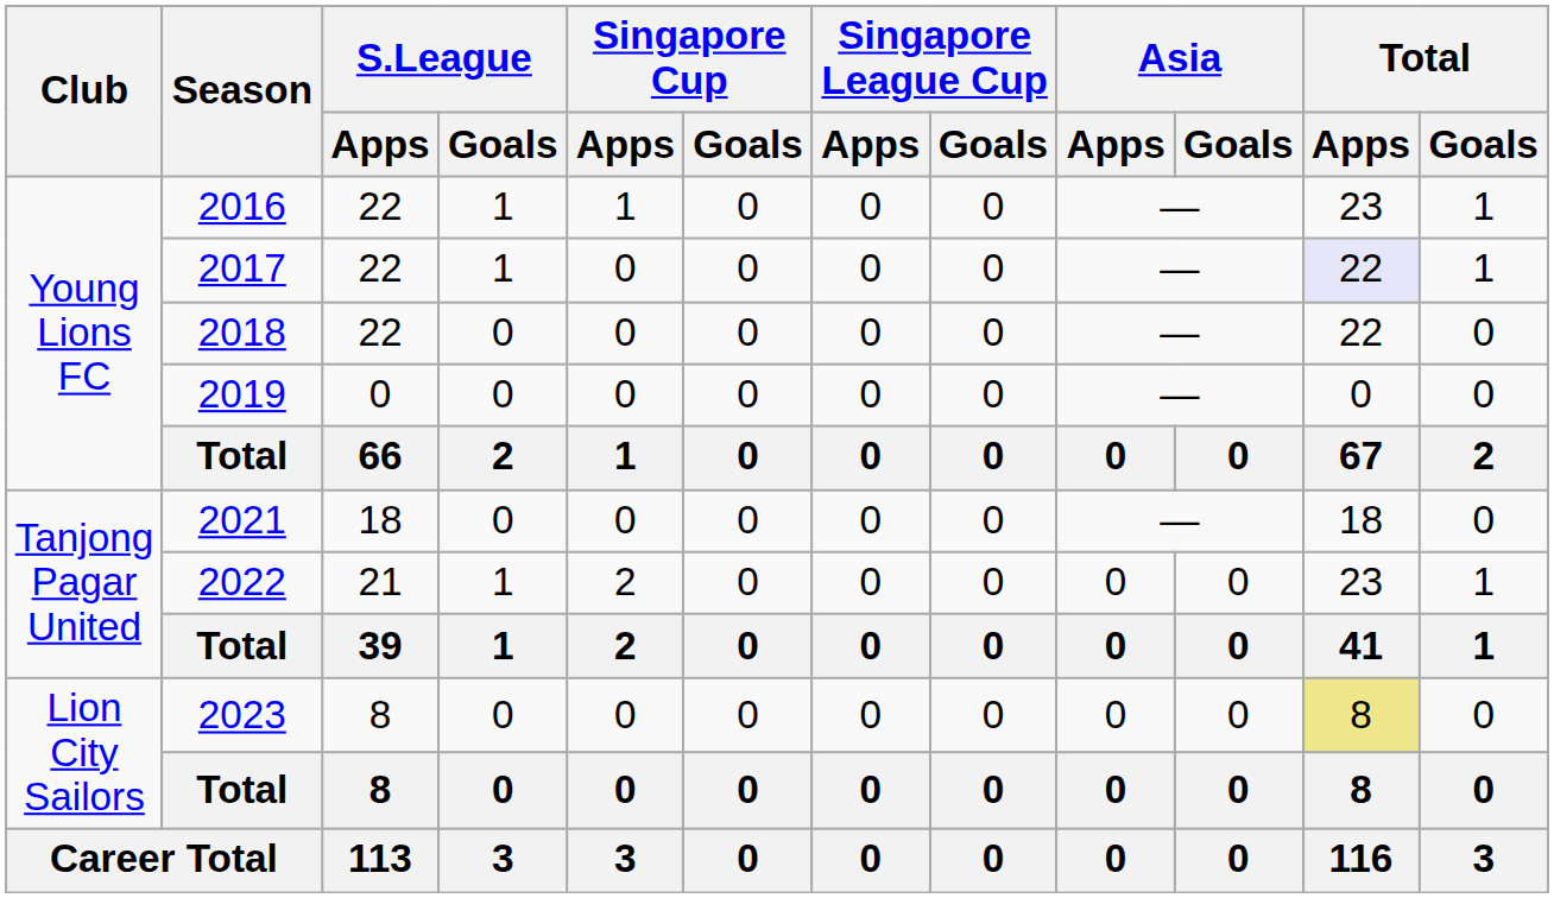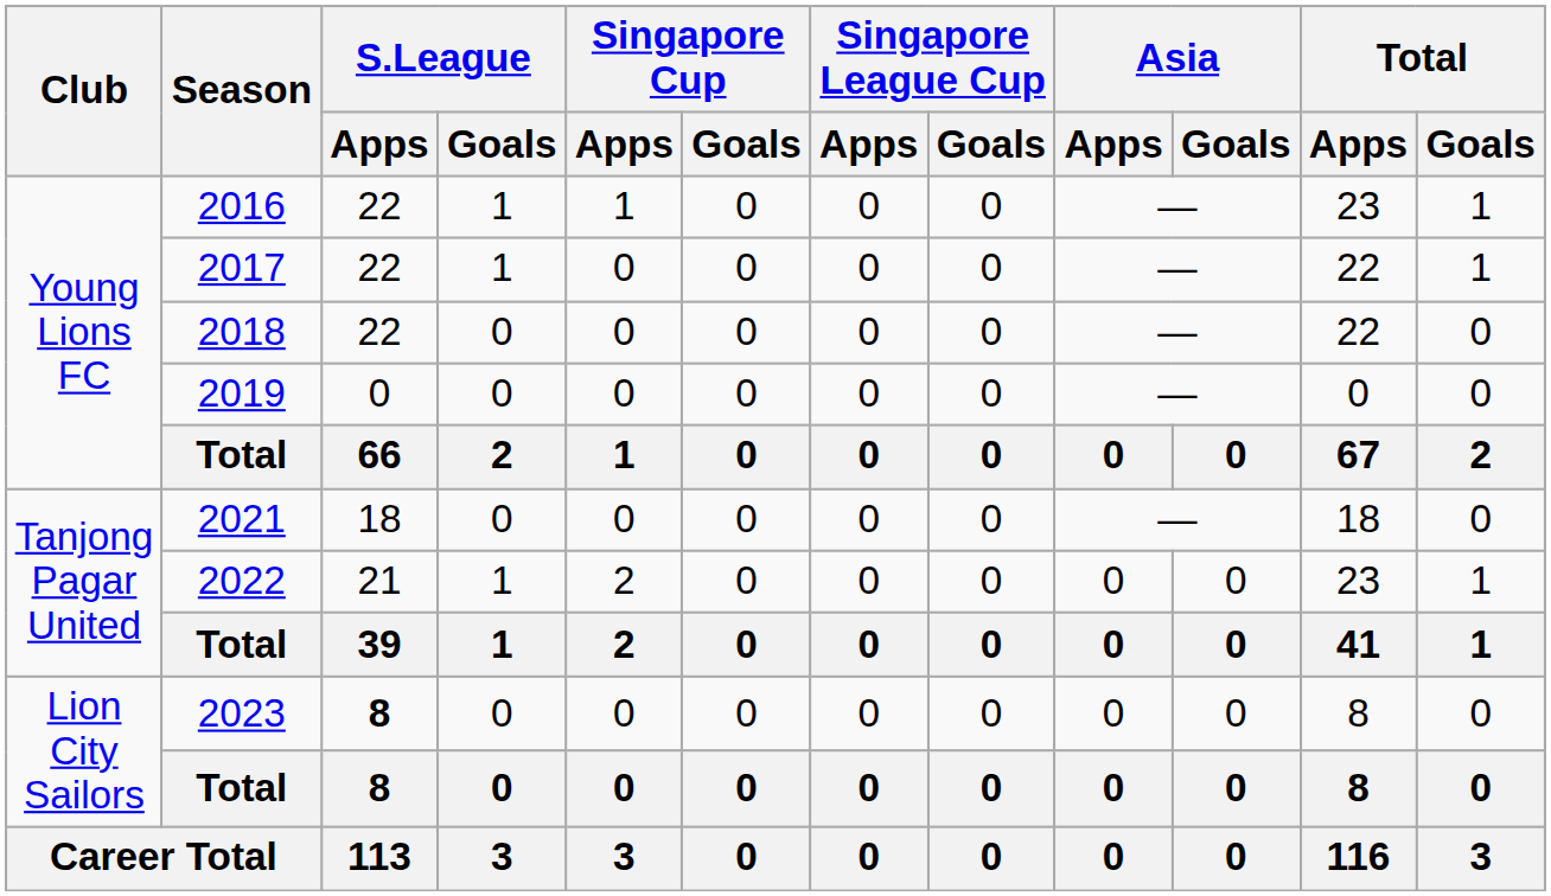 <table class="wikitable" style="text-align:center">
 <tr>
 <th rowspan="2">Club</th>
 <th rowspan="2">Season</th>
 <th colspan="2"><a href='#'>S.League</a></th>
 <th colspan="2"><a href='#'>Singapore Cup</a></th>
 <th colspan="2"><a href='#'>Singapore <br> League Cup</a></th>
 <th colspan="2"><a href='#'>Asia</a></th>
 <th colspan="2">Total</th>
 </tr>
 <tr>
 <th>Apps</th>
 <th>Goals</th>
 <th>Apps</th>
 <th>Goals</th>
 <th>Apps</th>
 <th>Goals</th>
 <th>Apps</th>
 <th>Goals</th>
 <th>Apps</th>
 <th>Goals</th>
 </tr>
 <tr>
 <td rowspan="5"><a href='#'>Young Lions FC</a></td>
 <td><a href='#'>2016</a></td>
 <td>22</td>
 <td>1</td>
 <td>1</td>
 <td>0</td>
 <td>0</td>
 <td>0</td>
 <td colspan='2'>—</td>
 <td>23</td>
 <td>1</td>
 </tr>
 <tr>
 <td><a href='#'>2017</a></td>
 <td>22</td>
 <td>1</td>
 <td>0</td>
 <td>0</td>
 <td>0</td>
 <td>0</td>
 <td colspan='2'>—</td>
-<td style="background: lavender;">22</td>
+<td>22</td>
 <td>1</td>
 </tr>
 <tr>
 <td><a href='#'>2018</a></td>
 <td>22</td>
 <td>0</td>
 <td>0</td>
 <td>0</td>
 <td>0</td>
 <td>0</td>
 <td colspan='2'>—</td>
 <td>22</td>
 <td>0</td>
 </tr>
 <tr>
 <td><a href='#'>2019</a></td>
 <td>0</td>
 <td>0</td>
 <td>0</td>
 <td>0</td>
 <td>0</td>
 <td>0</td>
 <td colspan='2'>—</td>
 <td>0</td>
 <td>0</td>
 </tr>
 <tr>
 <th>Total</th>
 <th>66</th>
 <th>2</th>
 <th>1</th>
 <th>0</th>
 <th>0</th>
 <th>0</th>
 <th>0</th>
 <th>0</th>
 <th>67</th>
 <th>2</th>
 </tr>
 <tr>
 <td rowspan="3"><a href='#'>Tanjong Pagar United</a></td>
 <td><a href='#'>2021</a></td>
 <td>18</td>
 <td>0</td>
 <td>0</td>
 <td>0</td>
 <td>0</td>
 <td>0</td>
 <td colspan='2'>—</td>
 <td>18</td>
 <td>0</td>
 </tr>
 <tr>
 <td><a href='#'>2022</a></td>
 <td>21</td>
 <td>1</td>
 <td>2</td>
 <td>0</td>
 <td>0</td>
 <td>0</td>
 <td>0</td>
 <td>0</td>
 <td>23</td>
 <td>1</td>
 </tr>
 <tr>
 <th>Total</th>
 <th>39</th>
 <th>1</th>
 <th>2</th>
 <th>0</th>
 <th>0</th>
 <th>0</th>
 <th>0</th>
 <th>0</th>
 <th>41</th>
 <th>1</th>
 </tr>
 <tr>
 <td rowspan="2"><a href='#'>Lion City Sailors</a></td>
 <td><a href='#'>2023</a></td>
-<td>8</td>
+<td><strong>8</strong></td>
 <td>0</td>
 <td>0</td>
 <td>0</td>
 <td>0</td>
 <td>0</td>
 <td>0</td>
 <td>0</td>
-<td style="background: khaki;">8</td>
+<td>8</td>
 <td>0</td>
 </tr>
 <tr>
 <th>Total</th>
 <th>8</th>
 <th>0</th>
 <th>0</th>
 <th>0</th>
 <th>0</th>
 <th>0</th>
 <th>0</th>
 <th>0</th>
 <th>8</th>
 <th>0</th>
 </tr>
 <tr>
 <th colspan="2">Career Total</th>
 <th>113</th>
 <th>3</th>
 <th>3</th>
 <th>0</th>
 <th>0</th>
 <th>0</th>
 <th>0</th>
 <th>0</th>
 <th>116</th>
 <th>3</th>
 </tr>
 <tr>
 </tr>
 </table>
